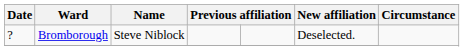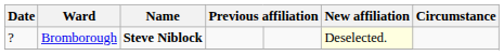 <table class="wikitable" style="font-size: 95%;">
 <tr>
 <th>Date</th>
 <th>Ward</th>
 <th>Name</th>
 <th colspan="2">Previous affiliation</th>
 <th colspan="2">New affiliation</th>
 <th>Circumstance</th>
 </tr>
 <tr>
 <td>?</td>
 <td><a href='#'>Bromborough</a></td>
-<td>Steve Niblock</td>
+<td><strong>Steve Niblock</strong></td>
 <td></td>
 <td></td>
-<td Deselected.>Deselected.</td>
+<td Deselected. style="background: lightyellow;">Deselected.</td>
 </tr>
 <tr>
 </tr>
 </table>
